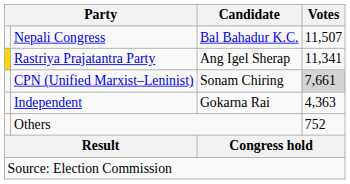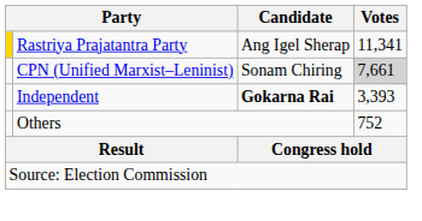 <table class="wikitable">
 <tr>
 <th colspan="2">Party</th>
 <th>Candidate</th>
 <th>Votes</th>
-</tr>
-<tr>
-<td style="background-color:"></td>
-<td><a href='#'>Nepali Congress</a></td>
-<td><a href='#'>Bal Bahadur K.C.</a></td>
-<td>11,507</td>
 </tr>
 <tr>
 <td style="background-color:gold"></td>
 <td><a href='#'>Rastriya Prajatantra Party</a></td>
 <td>Ang Igel Sherap</td>
 <td>11,341</td>
 </tr>
 <tr>
 <td style="background-color:"></td>
 <td><a href='#'>CPN (Unified Marxist–Leninist)</a></td>
 <td>Sonam Chiring</td>
 <td style="background: lightgrey;">7,661</td>
 </tr>
 <tr>
 <td style="background-color:"></td>
 <td><a href='#'>Independent</a></td>
-<td>Gokarna Rai</td>
-<td>4,363</td>
+<td><strong>Gokarna Rai</strong></td>
+<td>3,393</td>
 </tr>
 <tr>
 <td></td>
 <td colspan="2">Others</td>
 <td>752</td>
 </tr>
 <tr>
 <th colspan="2">Result</th>
 <th colspan="2">Congress hold</th>
 </tr>
 <tr>
 <td colspan="4">Source: Election Commission</td>
 </tr>
 </table>
